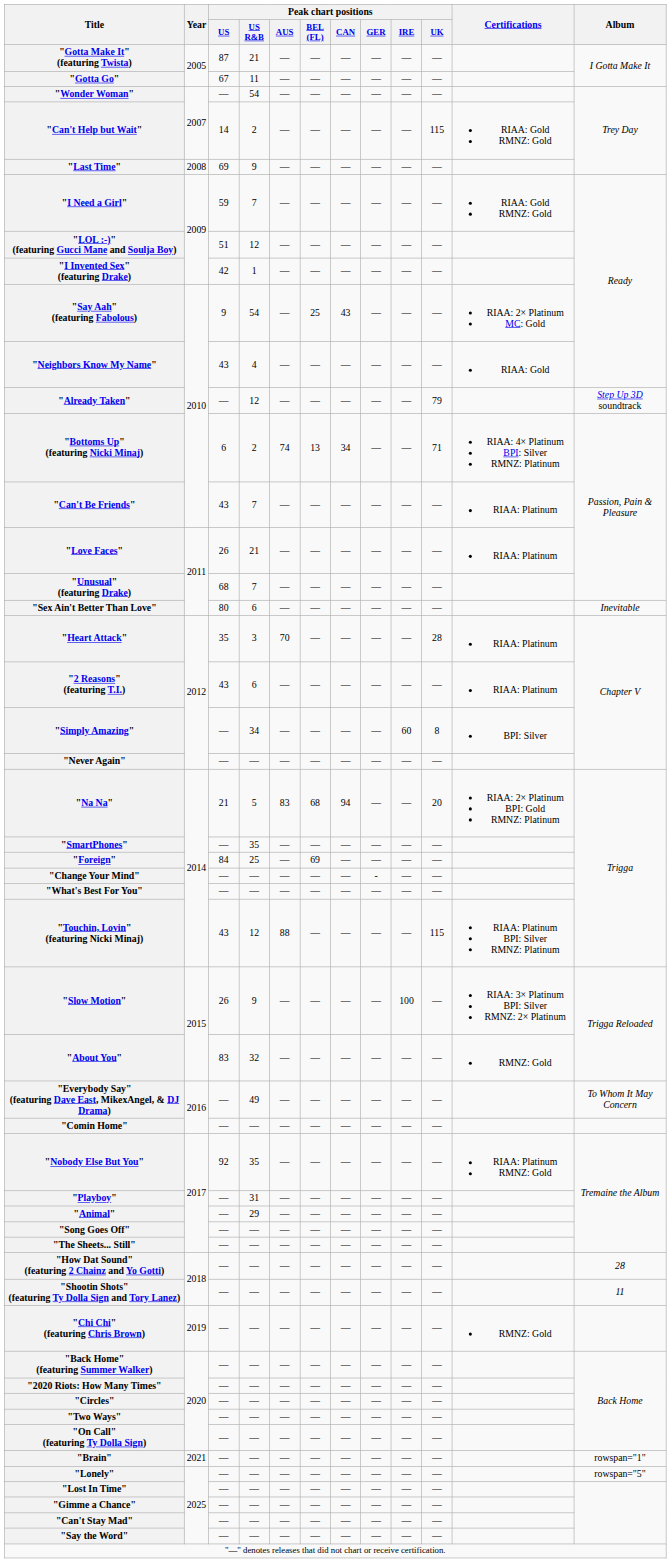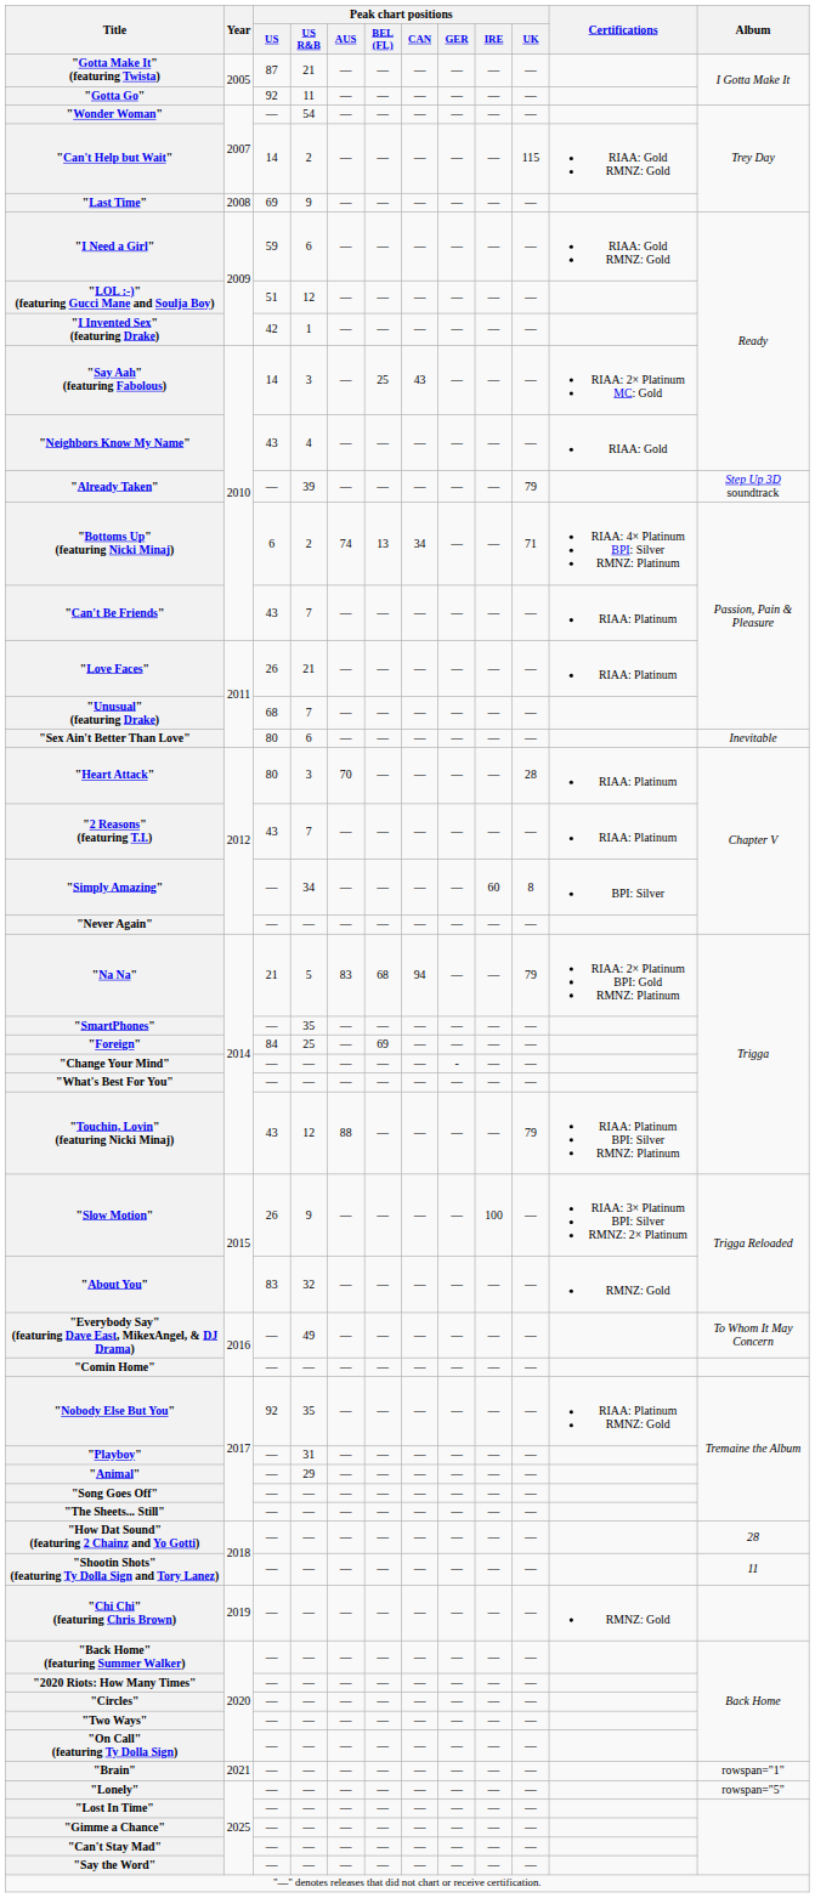 <table class="wikitable plainrowheaders" style="text-align:center;">
 <tr>
 <th scope="col" rowspan="2" style="width:18em;">Title</th>
 <th scope="col" rowspan="2" style="width:2em;">Year</th>
 <th scope="col" colspan="8">Peak chart positions</th>
 <th scope="col" rowspan="2" style="width:12em;"><a href='#'>Certifications</a></th>
 <th scope="col" rowspan="2" style="width:9em;">Album</th>
 </tr>
 <tr>
 <th scope="col" style="width:3em;font-size:90%;"><a href='#'>US</a><br></th>
 <th scope="col" style="width:3em;font-size:90%;"><a href='#'>US<br>R&B</a><br></th>
 <th scope="col" style="width:3em;font-size:90%;"><a href='#'>AUS</a><br></th>
 <th scope="col" style="width:3em;font-size:90%;"><a href='#'>BEL<br>(FL)</a><br></th>
 <th scope="col" style="width:3em;font-size:90%;"><a href='#'>CAN</a><br></th>
 <th scope="col" style="width:3em;font-size:90%;"><a href='#'>GER</a><br></th>
 <th scope="col" style="width:3em;font-size:90%;"><a href='#'>IRE</a><br></th>
 <th scope="col" style="width:3em;font-size:90%;"><a href='#'>UK</a><br></th>
 </tr>
 <tr>
 <th scope="row">"<a href='#'>Gotta Make It</a>"<br><span>(featuring <a href='#'>Twista</a>)</span></th>
 <td rowspan="2">2005</td>
 <td>87</td>
 <td>21</td>
 <td>—</td>
 <td>—</td>
 <td>—</td>
 <td>—</td>
 <td>—</td>
 <td>—</td>
 <td></td>
 <td rowspan="2"><em>I Gotta Make It</em></td>
 </tr>
 <tr>
 <th scope="row">"<a href='#'>Gotta Go</a>"</th>
-<td>67</td>
+<td>92</td>
 <td>11</td>
 <td>—</td>
 <td>—</td>
 <td>—</td>
 <td>—</td>
 <td>—</td>
 <td>—</td>
 <td></td>
 </tr>
 <tr>
 <th scope="row">"<a href='#'>Wonder Woman</a>"</th>
 <td rowspan="2">2007</td>
 <td>—</td>
 <td>54</td>
 <td>—</td>
 <td>—</td>
 <td>—</td>
 <td>—</td>
 <td>—</td>
 <td>—</td>
 <td></td>
 <td rowspan="3"><em>Trey Day</em></td>
 </tr>
 <tr>
 <th scope="row">"<a href='#'>Can't Help but Wait</a>"</th>
 <td>14</td>
 <td>2</td>
 <td>—</td>
 <td>—</td>
 <td>—</td>
 <td>—</td>
 <td>—</td>
 <td>115</td>
 <td><br><ul><li>RIAA: Gold</li><li>RMNZ: Gold</li></ul></td>
 </tr>
 <tr>
 <th scope="row">"<a href='#'>Last Time</a>"</th>
 <td>2008</td>
 <td>69</td>
 <td>9</td>
 <td>—</td>
 <td>—</td>
 <td>—</td>
 <td>—</td>
 <td>—</td>
 <td>—</td>
 <td></td>
 </tr>
 <tr>
 <th scope="row">"<a href='#'>I Need a Girl</a>"</th>
 <td rowspan="3">2009</td>
 <td>59</td>
-<td>7</td>
+<td>6</td>
 <td>—</td>
 <td>—</td>
 <td>—</td>
 <td>—</td>
 <td>—</td>
 <td>—</td>
 <td><br><ul><li>RIAA: Gold</li><li>RMNZ: Gold</li></ul></td>
 <td rowspan="5"><em>Ready</em></td>
 </tr>
 <tr>
 <th scope="row">"<a href='#'>LOL :-)</a>"<br><span>(featuring <a href='#'>Gucci Mane</a> and <a href='#'>Soulja Boy</a>)</span></th>
 <td>51</td>
 <td>12</td>
 <td>—</td>
 <td>—</td>
 <td>—</td>
 <td>—</td>
 <td>—</td>
 <td>—</td>
 <td></td>
 </tr>
 <tr>
 <th scope="row">"<a href='#'>I Invented Sex</a>"<br><span>(featuring <a href='#'>Drake</a>)</span></th>
 <td>42</td>
 <td>1</td>
 <td>—</td>
 <td>—</td>
 <td>—</td>
 <td>—</td>
 <td>—</td>
 <td>—</td>
 <td></td>
 </tr>
 <tr>
 <th scope="row">"<a href='#'>Say Aah</a>"<br><span>(featuring <a href='#'>Fabolous</a>)</span></th>
 <td rowspan="5">2010</td>
-<td>9</td>
-<td>54</td>
+<td>14</td>
+<td>3</td>
 <td>—</td>
 <td>25</td>
 <td>43</td>
 <td>—</td>
 <td>—</td>
 <td>—</td>
 <td><br><ul><li>RIAA: 2× Platinum</li><li><a href='#'>MC</a>: Gold</li></ul></td>
 </tr>
 <tr>
 <th scope="row">"<a href='#'>Neighbors Know My Name</a>"</th>
 <td>43</td>
 <td>4</td>
 <td>—</td>
 <td>—</td>
 <td>—</td>
 <td>—</td>
 <td>—</td>
 <td>—</td>
 <td><br><ul><li>RIAA: Gold</li></ul></td>
 </tr>
 <tr>
 <th scope="row">"<a href='#'>Already Taken</a>"</th>
 <td>—</td>
-<td>12</td>
+<td>39</td>
 <td>—</td>
 <td>—</td>
 <td>—</td>
 <td>—</td>
 <td>—</td>
 <td>79</td>
 <td></td>
 <td><em><a href='#'>Step Up 3D</a></em> soundtrack</td>
 </tr>
 <tr>
 <th scope="row">"<a href='#'>Bottoms Up</a>"<br><span>(featuring <a href='#'>Nicki Minaj</a>)</span></th>
 <td>6</td>
 <td>2</td>
 <td>74</td>
 <td>13</td>
 <td>34</td>
 <td>—</td>
 <td>—</td>
 <td>71</td>
 <td><br><ul><li>RIAA: 4× Platinum</li><li><a href='#'>BPI</a>: Silver</li><li>RMNZ: Platinum</li></ul></td>
 <td rowspan="4"><em>Passion, Pain & Pleasure</em></td>
 </tr>
 <tr>
 <th scope="row">"<a href='#'>Can't Be Friends</a>"</th>
 <td>43</td>
 <td>7</td>
 <td>—</td>
 <td>—</td>
 <td>—</td>
 <td>—</td>
 <td>—</td>
 <td>—</td>
 <td><br><ul><li>RIAA: Platinum</li></ul></td>
 </tr>
 <tr>
 <th scope="row">"<a href='#'>Love Faces</a>"</th>
 <td rowspan="3">2011</td>
 <td>26</td>
 <td>21</td>
 <td>—</td>
 <td>—</td>
 <td>—</td>
 <td>—</td>
 <td>—</td>
 <td>—</td>
 <td><br><ul><li>RIAA: Platinum</li></ul></td>
 </tr>
 <tr>
 <th scope="row">"<a href='#'>Unusual</a>"<br><span>(featuring <a href='#'>Drake</a>)</span></th>
 <td>68</td>
 <td>7</td>
 <td>—</td>
 <td>—</td>
 <td>—</td>
 <td>—</td>
 <td>—</td>
 <td>—</td>
 <td></td>
 </tr>
 <tr>
 <th scope="row">"Sex Ain't Better Than Love"</th>
 <td>80</td>
 <td>6</td>
 <td>—</td>
 <td>—</td>
 <td>—</td>
 <td>—</td>
 <td>—</td>
 <td>—</td>
 <td></td>
 <td><em>Inevitable</em></td>
 </tr>
 <tr>
 <th scope="row">"<a href='#'>Heart Attack</a>"</th>
 <td rowspan="4">2012</td>
-<td>35</td>
+<td>80</td>
 <td>3</td>
 <td>70</td>
 <td>—</td>
 <td>—</td>
 <td>—</td>
 <td>—</td>
 <td>28</td>
 <td><br><ul><li>RIAA: Platinum</li></ul></td>
 <td rowspan="4"><em>Chapter V</em></td>
 </tr>
 <tr>
 <th scope="row">"<a href='#'>2 Reasons</a>" <br><span>(featuring <a href='#'>T.I.</a>)</span></th>
 <td>43</td>
-<td>6</td>
+<td>7</td>
 <td>—</td>
 <td>—</td>
 <td>—</td>
 <td>—</td>
 <td>—</td>
 <td>—</td>
 <td><br><ul><li>RIAA: Platinum</li></ul></td>
 </tr>
 <tr>
 <th scope="row">"<a href='#'>Simply Amazing</a>"</th>
 <td>—</td>
 <td>34</td>
 <td>—</td>
 <td>—</td>
 <td>—</td>
 <td>—</td>
 <td>60</td>
 <td>8</td>
 <td><br><ul><li>BPI: Silver</li></ul></td>
 </tr>
 <tr>
 <th scope="row">"Never Again"</th>
 <td>—</td>
 <td>—</td>
 <td>—</td>
 <td>—</td>
 <td>—</td>
 <td>—</td>
 <td>—</td>
 <td>—</td>
 <td></td>
 </tr>
 <tr>
 <th scope="row">"<a href='#'>Na Na</a>"</th>
 <td rowspan="6">2014</td>
 <td>21</td>
 <td>5</td>
 <td>83</td>
 <td>68</td>
 <td>94</td>
 <td>—</td>
 <td>—</td>
-<td>20</td>
+<td>79</td>
 <td><br><ul><li>RIAA: 2× Platinum</li><li>BPI: Gold</li><li>RMNZ: Platinum</li></ul></td>
 <td rowspan="6"><em>Trigga</em></td>
 </tr>
 <tr>
 <th scope="row">"<a href='#'>SmartPhones</a>"</th>
 <td>—</td>
 <td>35</td>
 <td>—</td>
 <td>—</td>
 <td>—</td>
 <td>—</td>
 <td>—</td>
 <td>—</td>
 <td></td>
 </tr>
 <tr>
 <th scope="row">"<a href='#'>Foreign</a>"</th>
 <td>84</td>
 <td>25</td>
 <td>—</td>
 <td>69</td>
 <td>—</td>
 <td>—</td>
 <td>—</td>
 <td>—</td>
 <td></td>
 </tr>
 <tr>
 <th scope="row">"Change Your Mind"</th>
 <td>—</td>
 <td>—</td>
 <td>—</td>
 <td>—</td>
 <td>—</td>
 <td>-</td>
 <td>—</td>
 <td>—</td>
 <td></td>
 </tr>
 <tr>
 <th scope="row">"What's Best For You"</th>
 <td>—</td>
 <td>—</td>
 <td>—</td>
 <td>—</td>
 <td>—</td>
 <td>—</td>
 <td>—</td>
 <td>—</td>
 <td></td>
 </tr>
 <tr>
 <th scope="row">"<a href='#'>Touchin, Lovin</a>"<br><span>(featuring Nicki Minaj)</span></th>
 <td>43</td>
 <td>12</td>
 <td>88</td>
 <td>—</td>
 <td>—</td>
 <td>—</td>
 <td>—</td>
-<td>115</td>
+<td>79</td>
 <td><br><ul><li>RIAA: Platinum</li><li>BPI: Silver</li><li>RMNZ: Platinum</li></ul></td>
 </tr>
 <tr>
 <th scope="row">"<a href='#'>Slow Motion</a>"</th>
 <td rowspan="2">2015</td>
 <td>26</td>
 <td>9</td>
 <td>—</td>
 <td>—</td>
 <td>—</td>
 <td>—</td>
 <td>100</td>
 <td>—</td>
 <td><br><ul><li>RIAA: 3× Platinum</li><li>BPI: Silver</li><li>RMNZ: 2× Platinum</li></ul></td>
 <td rowspan="2"><em>Trigga Reloaded</em></td>
 </tr>
 <tr>
 <th scope="row">"<a href='#'>About You</a>"</th>
 <td>83</td>
 <td>32</td>
 <td>—</td>
 <td>—</td>
 <td>—</td>
 <td>—</td>
 <td>—</td>
 <td>—</td>
 <td><br><ul><li>RMNZ: Gold</li></ul></td>
 </tr>
 <tr>
 <th scope="row">"Everybody Say"<br><span>(featuring <a href='#'>Dave East</a>, MikexAngel, & <a href='#'>DJ Drama</a>)</span></th>
 <td rowspan="2">2016</td>
 <td>—</td>
 <td>49</td>
 <td>—</td>
 <td>—</td>
 <td>—</td>
 <td>—</td>
 <td>—</td>
 <td>—</td>
 <td></td>
 <td><em>To Whom It May Concern</em></td>
 </tr>
 <tr>
 <th scope="row">"Comin Home"</th>
 <td>—</td>
 <td>—</td>
 <td>—</td>
 <td>—</td>
 <td>—</td>
 <td>—</td>
 <td>—</td>
 <td>—</td>
 <td></td>
 <td></td>
 </tr>
 <tr>
 <th scope="row">"<a href='#'>Nobody Else But You</a>"</th>
 <td rowspan="5">2017</td>
 <td>92</td>
 <td>35</td>
 <td>—</td>
 <td>—</td>
 <td>—</td>
 <td>—</td>
 <td>—</td>
 <td>—</td>
 <td><br><ul><li>RIAA: Platinum</li><li>RMNZ: Gold</li></ul></td>
 <td rowspan="5"><em>Tremaine the Album</em></td>
 </tr>
 <tr>
 <th scope="row">"<a href='#'>Playboy</a>"</th>
 <td>—</td>
 <td>31</td>
 <td>—</td>
 <td>—</td>
 <td>—</td>
 <td>—</td>
 <td>—</td>
 <td>—</td>
 <td></td>
 </tr>
 <tr>
 <th scope="row">"<a href='#'>Animal</a>"</th>
 <td>—</td>
 <td>29</td>
 <td>—</td>
 <td>—</td>
 <td>—</td>
 <td>—</td>
 <td>—</td>
 <td>—</td>
 <td></td>
 </tr>
 <tr>
 <th scope="row">"Song Goes Off"</th>
 <td>—</td>
 <td>—</td>
 <td>—</td>
 <td>—</td>
 <td>—</td>
 <td>—</td>
 <td>—</td>
 <td>—</td>
 <td></td>
 </tr>
 <tr>
 <th scope="row">"The Sheets... Still"</th>
 <td>—</td>
 <td>—</td>
 <td>—</td>
 <td>—</td>
 <td>—</td>
 <td>—</td>
 <td>—</td>
 <td>—</td>
 <td></td>
 </tr>
 <tr>
 <th scope="row">"How Dat Sound"<br><span>(featuring <a href='#'>2 Chainz</a> and <a href='#'>Yo Gotti</a>)</span></th>
 <td rowspan="2">2018</td>
 <td>—</td>
 <td>—</td>
 <td>—</td>
 <td>—</td>
 <td>—</td>
 <td>—</td>
 <td>—</td>
 <td>—</td>
 <td></td>
 <td><em>28</em></td>
 </tr>
 <tr>
 <th scope="row">"Shootin Shots"<br><span>(featuring <a href='#'>Ty Dolla Sign</a> and <a href='#'>Tory Lanez</a>)</span></th>
 <td>—</td>
 <td>—</td>
 <td>—</td>
 <td>—</td>
 <td>—</td>
 <td>—</td>
 <td>—</td>
 <td>—</td>
 <td></td>
 <td><em>11</em></td>
 </tr>
 <tr>
 <th scope="row">"<a href='#'>Chi Chi</a>"<br><span>(featuring <a href='#'>Chris Brown</a>)</span></th>
 <td>2019</td>
 <td>—</td>
 <td>—</td>
 <td>—</td>
 <td>—</td>
 <td>—</td>
 <td>—</td>
 <td>—</td>
 <td>—</td>
 <td><br><ul><li>RMNZ: Gold</li></ul></td>
 <td></td>
 </tr>
 <tr>
 <th scope="row">"Back Home"<br><span>(featuring <a href='#'>Summer Walker</a>)</span></th>
 <td rowspan="5">2020</td>
 <td>—</td>
 <td>—</td>
 <td>—</td>
 <td>—</td>
 <td>—</td>
 <td>—</td>
 <td>—</td>
 <td>—</td>
 <td></td>
 <td rowspan="5"><em>Back Home</em></td>
 </tr>
 <tr>
 <th scope="row">"2020 Riots: How Many Times"</th>
 <td>—</td>
 <td>—</td>
 <td>—</td>
 <td>—</td>
 <td>—</td>
 <td>—</td>
 <td>—</td>
 <td>—</td>
 <td></td>
 </tr>
 <tr>
 <th scope="row">"Circles"</th>
 <td>—</td>
 <td>—</td>
 <td>—</td>
 <td>—</td>
 <td>—</td>
 <td>—</td>
 <td>—</td>
 <td>—</td>
 <td></td>
 </tr>
 <tr>
 <th scope="row">"Two Ways"</th>
 <td>—</td>
 <td>—</td>
 <td>—</td>
 <td>—</td>
 <td>—</td>
 <td>—</td>
 <td>—</td>
 <td>—</td>
 </tr>
 <tr>
 <th scope="row">"On Call"<br><span>(featuring <a href='#'>Ty Dolla Sign</a>)</span></th>
 <td>—</td>
 <td>—</td>
 <td>—</td>
 <td>—</td>
 <td>—</td>
 <td>—</td>
 <td>—</td>
 <td>—</td>
 <td></td>
 </tr>
 <tr>
 <th scope="row">"Brain"</th>
 <td>2021</td>
 <td>—</td>
 <td>—</td>
 <td>—</td>
 <td>—</td>
 <td>—</td>
 <td>—</td>
 <td>—</td>
 <td>—</td>
 <td></td>
 <td>rowspan="1" </td>
 </tr>
 <tr>
 <th scope="row">"Lonely"</th>
 <td rowspan="5">2025</td>
 <td>—</td>
 <td>—</td>
 <td>—</td>
 <td>—</td>
 <td>—</td>
 <td>—</td>
 <td>—</td>
 <td>—</td>
 <td></td>
 <td>rowspan="5" </td>
 </tr>
 <tr>
 <th scope="row">"Lost In Time"</th>
 <td>—</td>
 <td>—</td>
 <td>—</td>
 <td>—</td>
 <td>—</td>
 <td>—</td>
 <td>—</td>
 <td>—</td>
 <td></td>
 </tr>
 <tr>
 <th scope="row">"Gimme a Chance"</th>
 <td>—</td>
 <td>—</td>
 <td>—</td>
 <td>—</td>
 <td>—</td>
 <td>—</td>
 <td>—</td>
 <td>—</td>
 <td></td>
 </tr>
 <tr>
 <th scope="row">"Can't Stay Mad"</th>
 <td>—</td>
 <td>—</td>
 <td>—</td>
 <td>—</td>
 <td>—</td>
 <td>—</td>
 <td>—</td>
 <td>—</td>
 <td></td>
 </tr>
 <tr>
 <th scope="row">"Say the Word"</th>
 <td>—</td>
 <td>—</td>
 <td>—</td>
 <td>—</td>
 <td>—</td>
 <td>—</td>
 <td>—</td>
 <td>—</td>
 <td></td>
 </tr>
 <tr>
 <td colspan="14" style="font-size:90%">"—" denotes releases that did not chart or receive certification.</td>
 </tr>
 </table>
